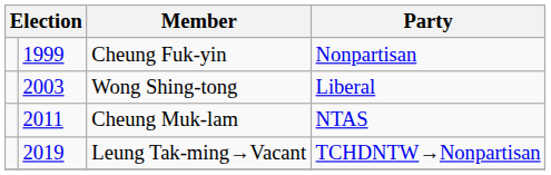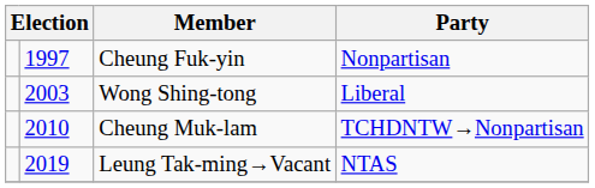 <table class="wikitable">
 <tr>
 <th colspan="2">Election</th>
 <th>Member</th>
 <th>Party</th>
 </tr>
 <tr>
 <td style="color:inherit;background:"></td>
-<td><a href='#'>1999</a></td>
+<td><a href='#'>1997</a></td>
 <td>Cheung Fuk-yin</td>
 <td><a href='#'>Nonpartisan</a></td>
 </tr>
 <tr>
 <td style="color:inherit;background:"></td>
 <td><a href='#'>2003</a></td>
 <td>Wong Shing-tong</td>
 <td><a href='#'>Liberal</a></td>
 </tr>
 <tr>
 <td style="color:inherit;background:"></td>
-<td><a href='#'>2011</a></td>
+<td><a href='#'>2010</a></td>
 <td>Cheung Muk-lam</td>
-<td><a href='#'>NTAS</a></td>
+<td><a href='#'>TCHDNTW</a>→<a href='#'>Nonpartisan</a></td>
 </tr>
 <tr>
 <td style="color:inherit;background:"></td>
 <td><a href='#'>2019</a></td>
 <td>Leung Tak-ming→Vacant</td>
-<td><a href='#'>TCHDNTW</a>→<a href='#'>Nonpartisan</a></td>
+<td><a href='#'>NTAS</a></td>
 </tr>
 <tr>
 </tr>
 </table>
